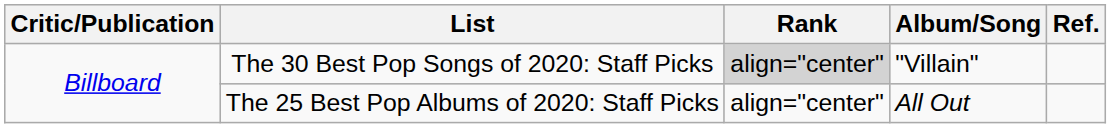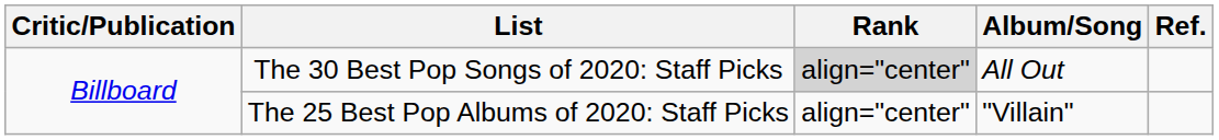 <table class="sortable wikitable">
 <tr>
 <th>Critic/Publication</th>
 <th>List</th>
 <th>Rank</th>
 <th>Album/Song</th>
 <th>Ref.</th>
 </tr>
 <tr>
 <td rowspan="2" align="center"><em><a href='#'>Billboard</a></em></td>
 <td align="center">The 30 Best Pop Songs of 2020: Staff Picks</td>
 <td style="background: lightgrey;">align="center" </td>
-<td>"Villain"</td>
+<td><em>All Out</em></td>
 <td></td>
 </tr>
 <tr>
 <td align="center">The 25 Best Pop Albums of 2020: Staff Picks</td>
 <td>align="center" </td>
-<td><em>All Out</em></td>
+<td>"Villain"</td>
 <td></td>
 </tr>
 </table>
